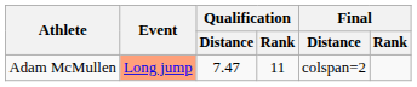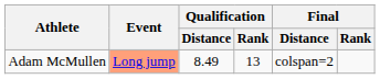 <table class="wikitable" style="font-size:90%">
 <tr>
 <th rowspan=2>Athlete</th>
 <th rowspan=2>Event</th>
 <th colspan=2>Qualification</th>
 <th colspan=2>Final</th>
 </tr>
 <tr style="font-size:95%">
 <th>Distance</th>
 <th>Rank</th>
 <th>Distance</th>
 <th>Rank</th>
 </tr>
 <tr align=center>
 <td align=left>Adam McMullen</td>
 <td style="background: lightsalmon; text-align:left;" rowspan="1"><a href='#'>Long jump</a></td>
-<td>7.47</td>
-<td>11</td>
+<td>8.49</td>
+<td>13</td>
 <td>colspan=2 </td>
 </tr>
 </table>
